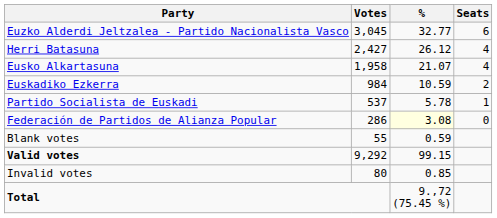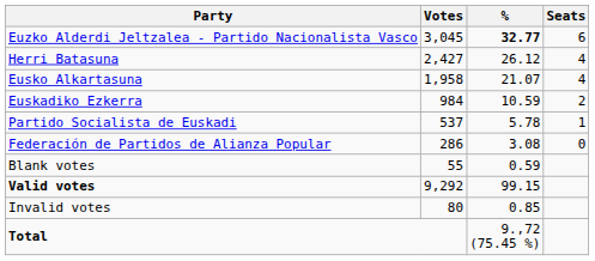 <table class="wikitable" border="1">
 <tr style="background-color:#E9E9E9">
 <th>Party</th>
 <th>Votes</th>
 <th>%</th>
 <th>Seats</th>
 </tr>
 <tr>
 <td><a href='#'>Euzko Alderdi Jeltzalea - Partido Nacionalista Vasco</a></td>
 <td align="right">3,045</td>
-<td align="right">32.77</td>
+<td align="right"><strong>32.77</strong></td>
 <td align="right">6</td>
 </tr>
 <tr>
 <td><a href='#'>Herri Batasuna</a></td>
 <td align="right">2,427</td>
 <td align="right">26.12</td>
 <td align="right">4</td>
 </tr>
 <tr>
 <td><a href='#'>Eusko Alkartasuna</a></td>
 <td align="right">1,958</td>
 <td align="right">21.07</td>
 <td align="right">4</td>
 </tr>
 <tr>
 <td><a href='#'>Euskadiko Ezkerra</a></td>
 <td align="right">984</td>
 <td align="right">10.59</td>
 <td align="right">2</td>
 </tr>
 <tr>
 <td><a href='#'>Partido Socialista de Euskadi</a></td>
 <td align="right">537</td>
 <td align="right">5.78</td>
 <td align="right">1</td>
 </tr>
 <tr>
 <td><a href='#'>Federación de Partidos de Alianza Popular</a></td>
 <td align="right">286</td>
-<td align="right" style="background: lightyellow;">3.08</td>
+<td align="right">3.08</td>
 <td align="right">0</td>
 </tr>
 <tr>
 <td>Blank votes</td>
 <td align="right">55</td>
 <td align="right">0.59</td>
 <td> </td>
 </tr>
 <tr>
 <td><strong>Valid votes</strong></td>
 <td align="right">9,292</td>
 <td align="right">99.15</td>
 <td> </td>
 </tr>
 <tr>
 <td>Invalid votes</td>
 <td align="right">80</td>
 <td align="right">0.85</td>
 <td> </td>
 </tr>
 <tr>
 <td colspan="2"><strong>Total</strong></td>
 <td align="right">9.,72<br>(75.45 %)</td>
 <td></td>
 </tr>
 </table>
